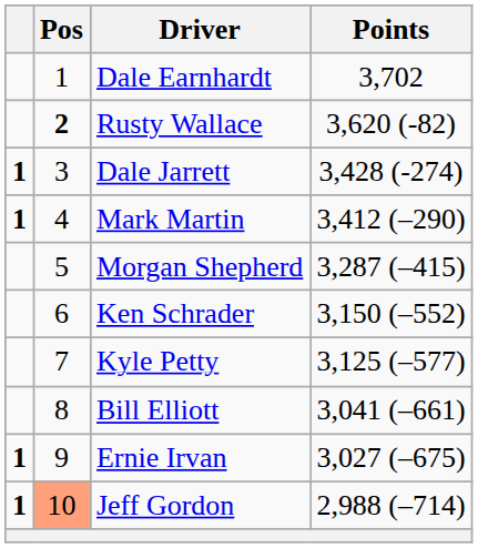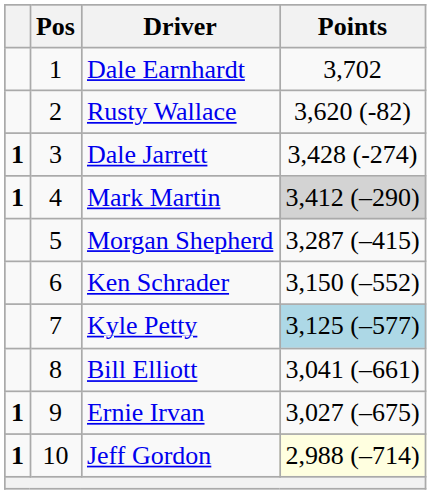 <table class="wikitable" style="font-size: 95%;">
 <tr>
 <th></th>
 <th>Pos</th>
 <th>Driver</th>
 <th>Points</th>
 </tr>
 <tr>
 <td align="left"></td>
 <td style="text-align:center;">1</td>
 <td><a href='#'>Dale Earnhardt</a></td>
 <td style="text-align:center;">3,702</td>
 </tr>
 <tr>
 <td align="left"></td>
-<td style="text-align:center;"><strong>2</strong></td>
+<td style="text-align:center;">2</td>
 <td><a href='#'>Rusty Wallace</a></td>
 <td style="text-align:center;">3,620 (-82)</td>
 </tr>
 <tr>
 <td align="left"> <strong>1</strong></td>
 <td style="text-align:center;">3</td>
 <td><a href='#'>Dale Jarrett</a></td>
 <td style="text-align:center;">3,428 (-274)</td>
 </tr>
 <tr>
 <td align="left"> <strong>1</strong></td>
 <td style="text-align:center;">4</td>
 <td><a href='#'>Mark Martin</a></td>
-<td style="text-align:center;">3,412 (–290)</td>
+<td style="background: lightgrey; text-align:center;">3,412 (–290)</td>
 </tr>
 <tr>
 <td align="left"></td>
 <td style="text-align:center;">5</td>
 <td><a href='#'>Morgan Shepherd</a></td>
 <td style="text-align:center;">3,287 (–415)</td>
 </tr>
 <tr>
 <td align="left"></td>
 <td style="text-align:center;">6</td>
 <td><a href='#'>Ken Schrader</a></td>
 <td style="text-align:center;">3,150 (–552)</td>
 </tr>
 <tr>
 <td align="left"></td>
 <td style="text-align:center;">7</td>
 <td><a href='#'>Kyle Petty</a></td>
-<td style="text-align:center;">3,125 (–577)</td>
+<td style="background: lightblue; text-align:center;">3,125 (–577)</td>
 </tr>
 <tr>
 <td align="left"></td>
 <td style="text-align:center;">8</td>
 <td><a href='#'>Bill Elliott</a></td>
 <td style="text-align:center;">3,041 (–661)</td>
 </tr>
 <tr>
 <td align="left"> <strong>1</strong></td>
 <td style="text-align:center;">9</td>
 <td><a href='#'>Ernie Irvan</a></td>
 <td style="text-align:center;">3,027 (–675)</td>
 </tr>
 <tr>
 <td align="left"> <strong>1</strong></td>
-<td style="background: lightsalmon; text-align:center;">10</td>
+<td style="text-align:center;">10</td>
 <td><a href='#'>Jeff Gordon</a></td>
-<td style="text-align:center;">2,988 (–714)</td>
+<td style="background: lightyellow; text-align:center;">2,988 (–714)</td>
 </tr>
 <tr class="sortbottom">
 <th colspan="9"></th>
 </tr>
 </table>
